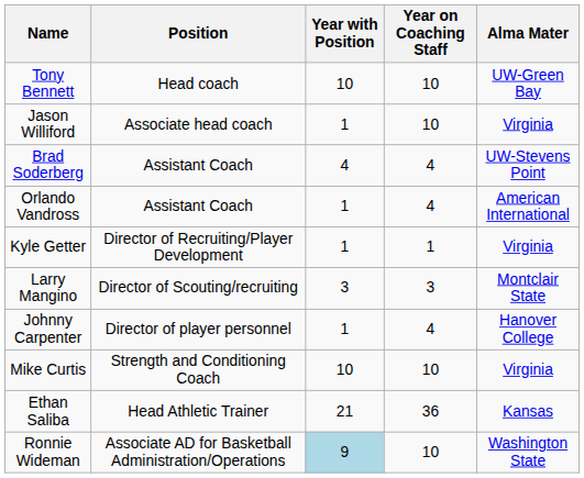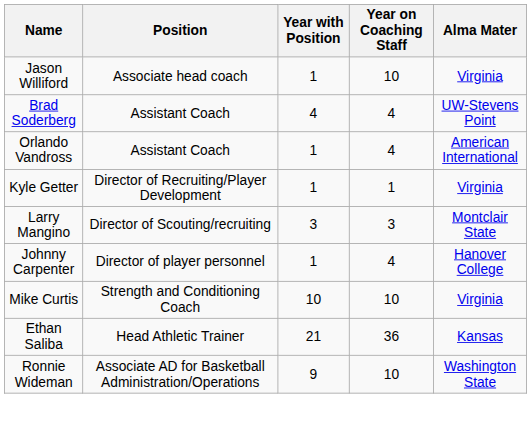 <table class="wikitable sortable sortable" style="text-align: center">
 <tr align=center>
 <th>Name</th>
 <th>Position</th>
 <th>Year with Position</th>
 <th>Year on Coaching Staff</th>
 <th>Alma Mater</th>
-</tr>
-<tr>
-<td><a href='#'>Tony Bennett</a></td>
-<td>Head coach</td>
-<td>10</td>
-<td>10</td>
-<td><a href='#'>UW-Green Bay</a></td>
 </tr>
 <tr>
 <td>Jason Williford</td>
 <td>Associate head coach</td>
 <td>1</td>
 <td>10</td>
 <td><a href='#'>Virginia</a></td>
 </tr>
 <tr>
 <td><a href='#'>Brad Soderberg</a></td>
 <td>Assistant Coach</td>
 <td>4</td>
 <td>4</td>
 <td><a href='#'>UW-Stevens Point</a></td>
 </tr>
 <tr>
 <td>Orlando Vandross</td>
 <td>Assistant Coach</td>
 <td>1</td>
 <td>4</td>
 <td><a href='#'>American International</a></td>
 </tr>
 <tr>
 <td>Kyle Getter</td>
 <td>Director of Recruiting/Player Development</td>
 <td>1</td>
 <td>1</td>
 <td><a href='#'>Virginia</a></td>
 </tr>
 <tr>
 <td>Larry Mangino</td>
 <td>Director of Scouting/recruiting</td>
 <td>3</td>
 <td>3</td>
 <td><a href='#'>Montclair State</a></td>
 </tr>
 <tr>
 <td>Johnny Carpenter</td>
 <td>Director of player personnel</td>
 <td>1</td>
 <td>4</td>
 <td><a href='#'>Hanover College</a></td>
 </tr>
 <tr>
 <td>Mike Curtis</td>
 <td>Strength and Conditioning Coach</td>
 <td>10</td>
 <td>10</td>
 <td><a href='#'>Virginia</a></td>
 </tr>
 <tr>
 <td>Ethan Saliba</td>
 <td>Head Athletic Trainer</td>
 <td>21</td>
 <td>36</td>
 <td><a href='#'>Kansas</a></td>
 </tr>
 <tr>
 <td>Ronnie Wideman</td>
 <td>Associate AD for Basketball Administration/Operations</td>
-<td style="background: lightblue;">9</td>
+<td>9</td>
 <td>10</td>
 <td><a href='#'>Washington State</a></td>
 </tr>
 </table>
